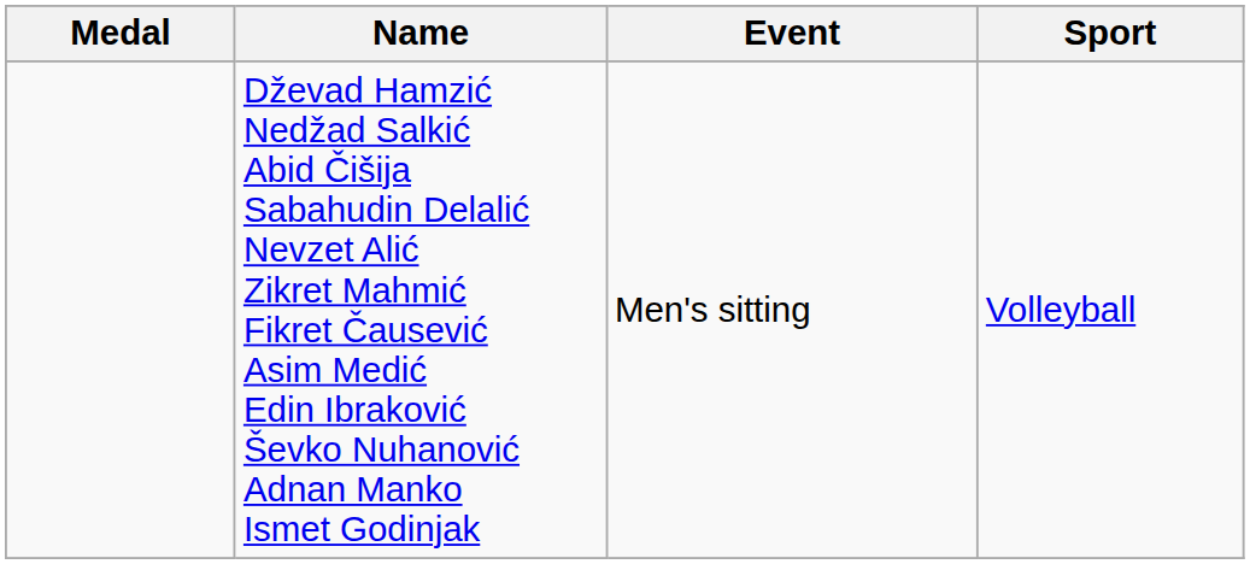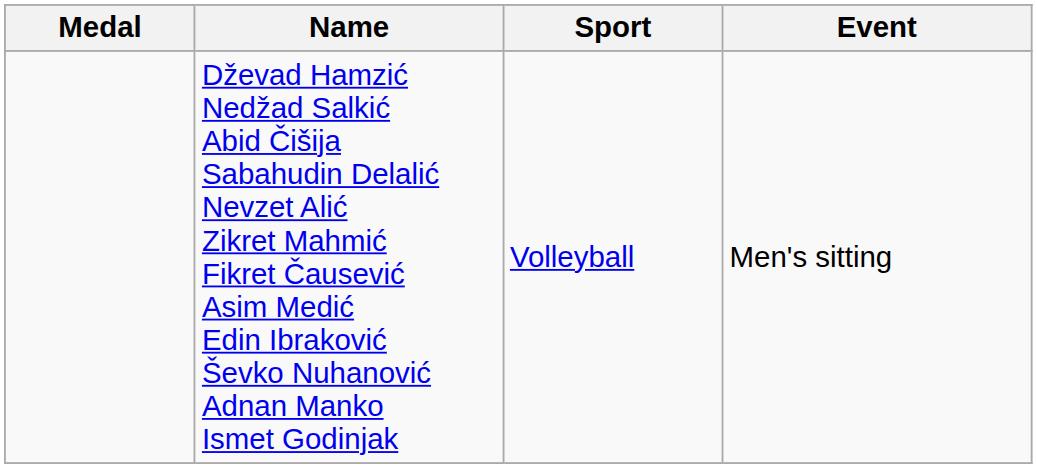 <table class="wikitable">
 <tr>
 <th style="width:6em">Medal</th>
 <th style="width:10em">Name</th>
+<th style="width:7em">Sport</th>
 <th style="width:10em">Event</th>
-<th style="width:7em">Sport</th>
 </tr>
 <tr>
 <td></td>
 <td><a href='#'>Dževad Hamzić</a><br> <a href='#'>Nedžad Salkić</a><br> <a href='#'>Abid Čišija</a><br> <a href='#'>Sabahudin Delalić</a><br> <a href='#'>Nevzet Alić</a><br> <a href='#'>Zikret Mahmić</a><br> <a href='#'>Fikret Čausević</a><br> <a href='#'>Asim Medić</a><br> <a href='#'>Edin Ibraković</a><br> <a href='#'>Ševko Nuhanović</a><br> <a href='#'>Adnan Manko</a><br> <a href='#'>Ismet Godinjak</a></td>
+<td><a href='#'>Volleyball</a></td>
 <td>Men's sitting</td>
-<td><a href='#'>Volleyball</a></td>
 </tr>
 </table>
